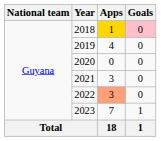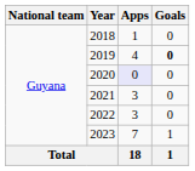 <table class="wikitable" style="text-align: center;">
 <tr>
 <th>National team</th>
 <th>Year</th>
 <th>Apps</th>
 <th>Goals</th>
 </tr>
 <tr>
 <td rowspan="6"><a href='#'>Guyana</a></td>
 <td>2018</td>
-<td style="background: gold;">1</td>
-<td style="background: pink;">0</td>
+<td>1</td>
+<td>0</td>
 </tr>
 <tr>
 <td>2019</td>
 <td>4</td>
-<td>0</td>
+<td><strong>0</strong></td>
 </tr>
 <tr>
 <td>2020</td>
-<td>0</td>
+<td style="background: lavender;">0</td>
 <td>0</td>
 </tr>
 <tr>
 <td>2021</td>
 <td>3</td>
 <td>0</td>
 </tr>
 <tr>
 <td>2022</td>
-<td style="background: lightsalmon;">3</td>
+<td>3</td>
 <td>0</td>
 </tr>
 <tr>
 <td>2023</td>
 <td>7</td>
 <td>1</td>
 </tr>
 <tr>
 <th colspan="2">Total</th>
 <th>18</th>
 <th>1</th>
 </tr>
 </table>
